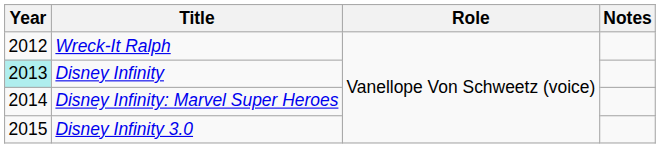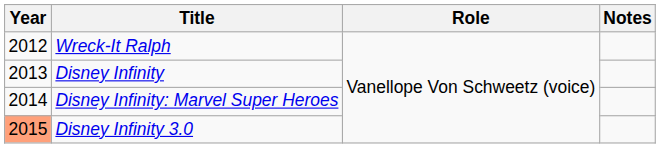 <table class="wikitable">
 <tr>
 <th>Year</th>
 <th>Title</th>
 <th>Role</th>
 <th class="unsortable">Notes</th>
 </tr>
 <tr>
 <td>2012</td>
 <td><em><a href='#'>Wreck-It Ralph</a></em></td>
 <td rowspan="4">Vanellope Von Schweetz (voice)</td>
 <td></td>
 </tr>
 <tr>
-<td style="background: paleturquoise;">2013</td>
+<td>2013</td>
 <td><em><a href='#'>Disney Infinity</a></em></td>
 <td></td>
 </tr>
 <tr>
 <td>2014</td>
 <td><em><a href='#'>Disney Infinity: Marvel Super Heroes</a></em></td>
 <td></td>
 </tr>
 <tr>
-<td>2015</td>
+<td style="background: lightsalmon;">2015</td>
 <td><em><a href='#'>Disney Infinity 3.0</a></em></td>
 <td></td>
 </tr>
 </table>
